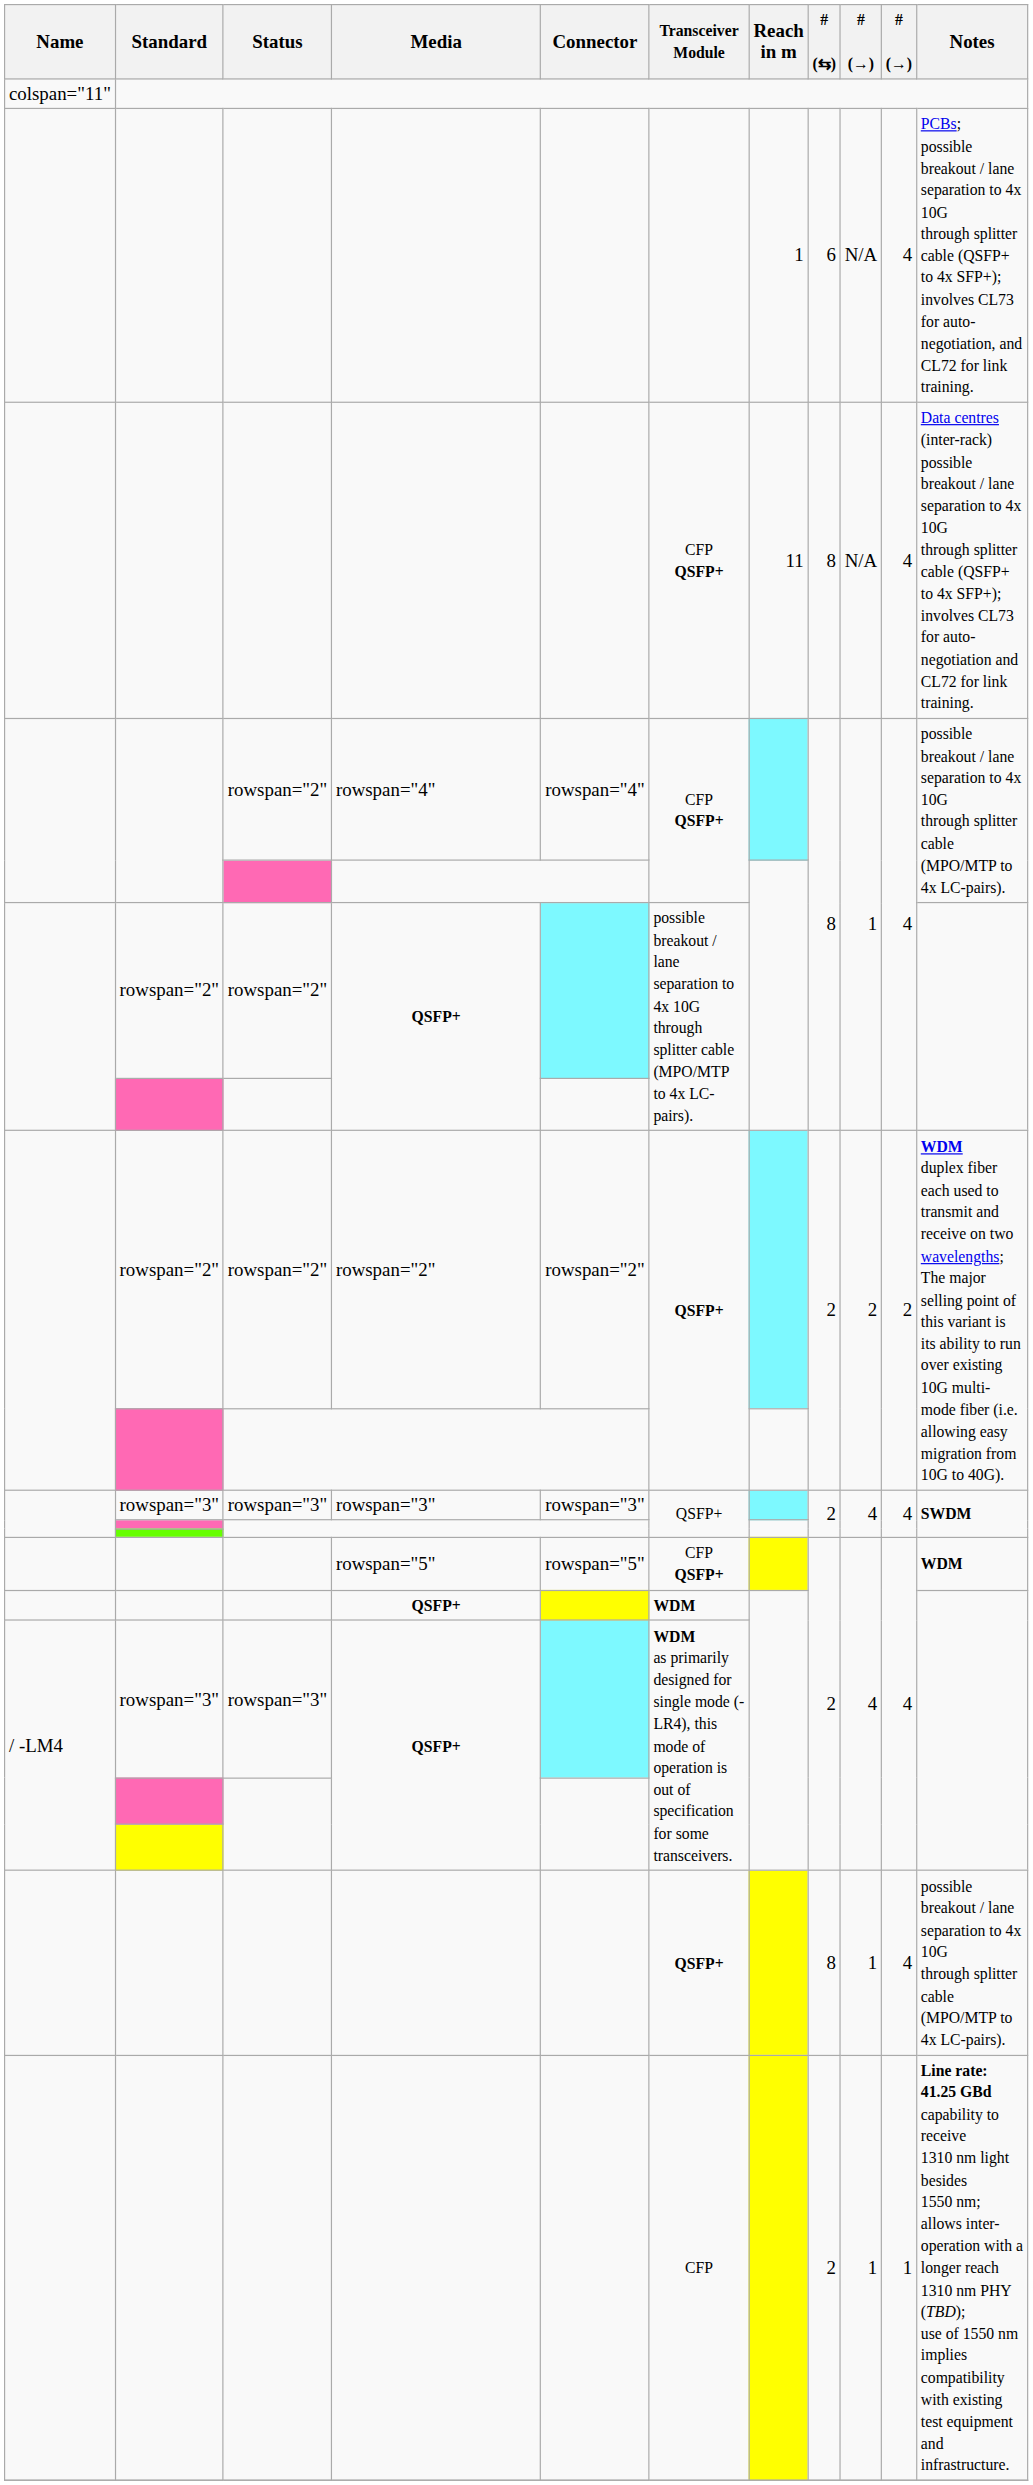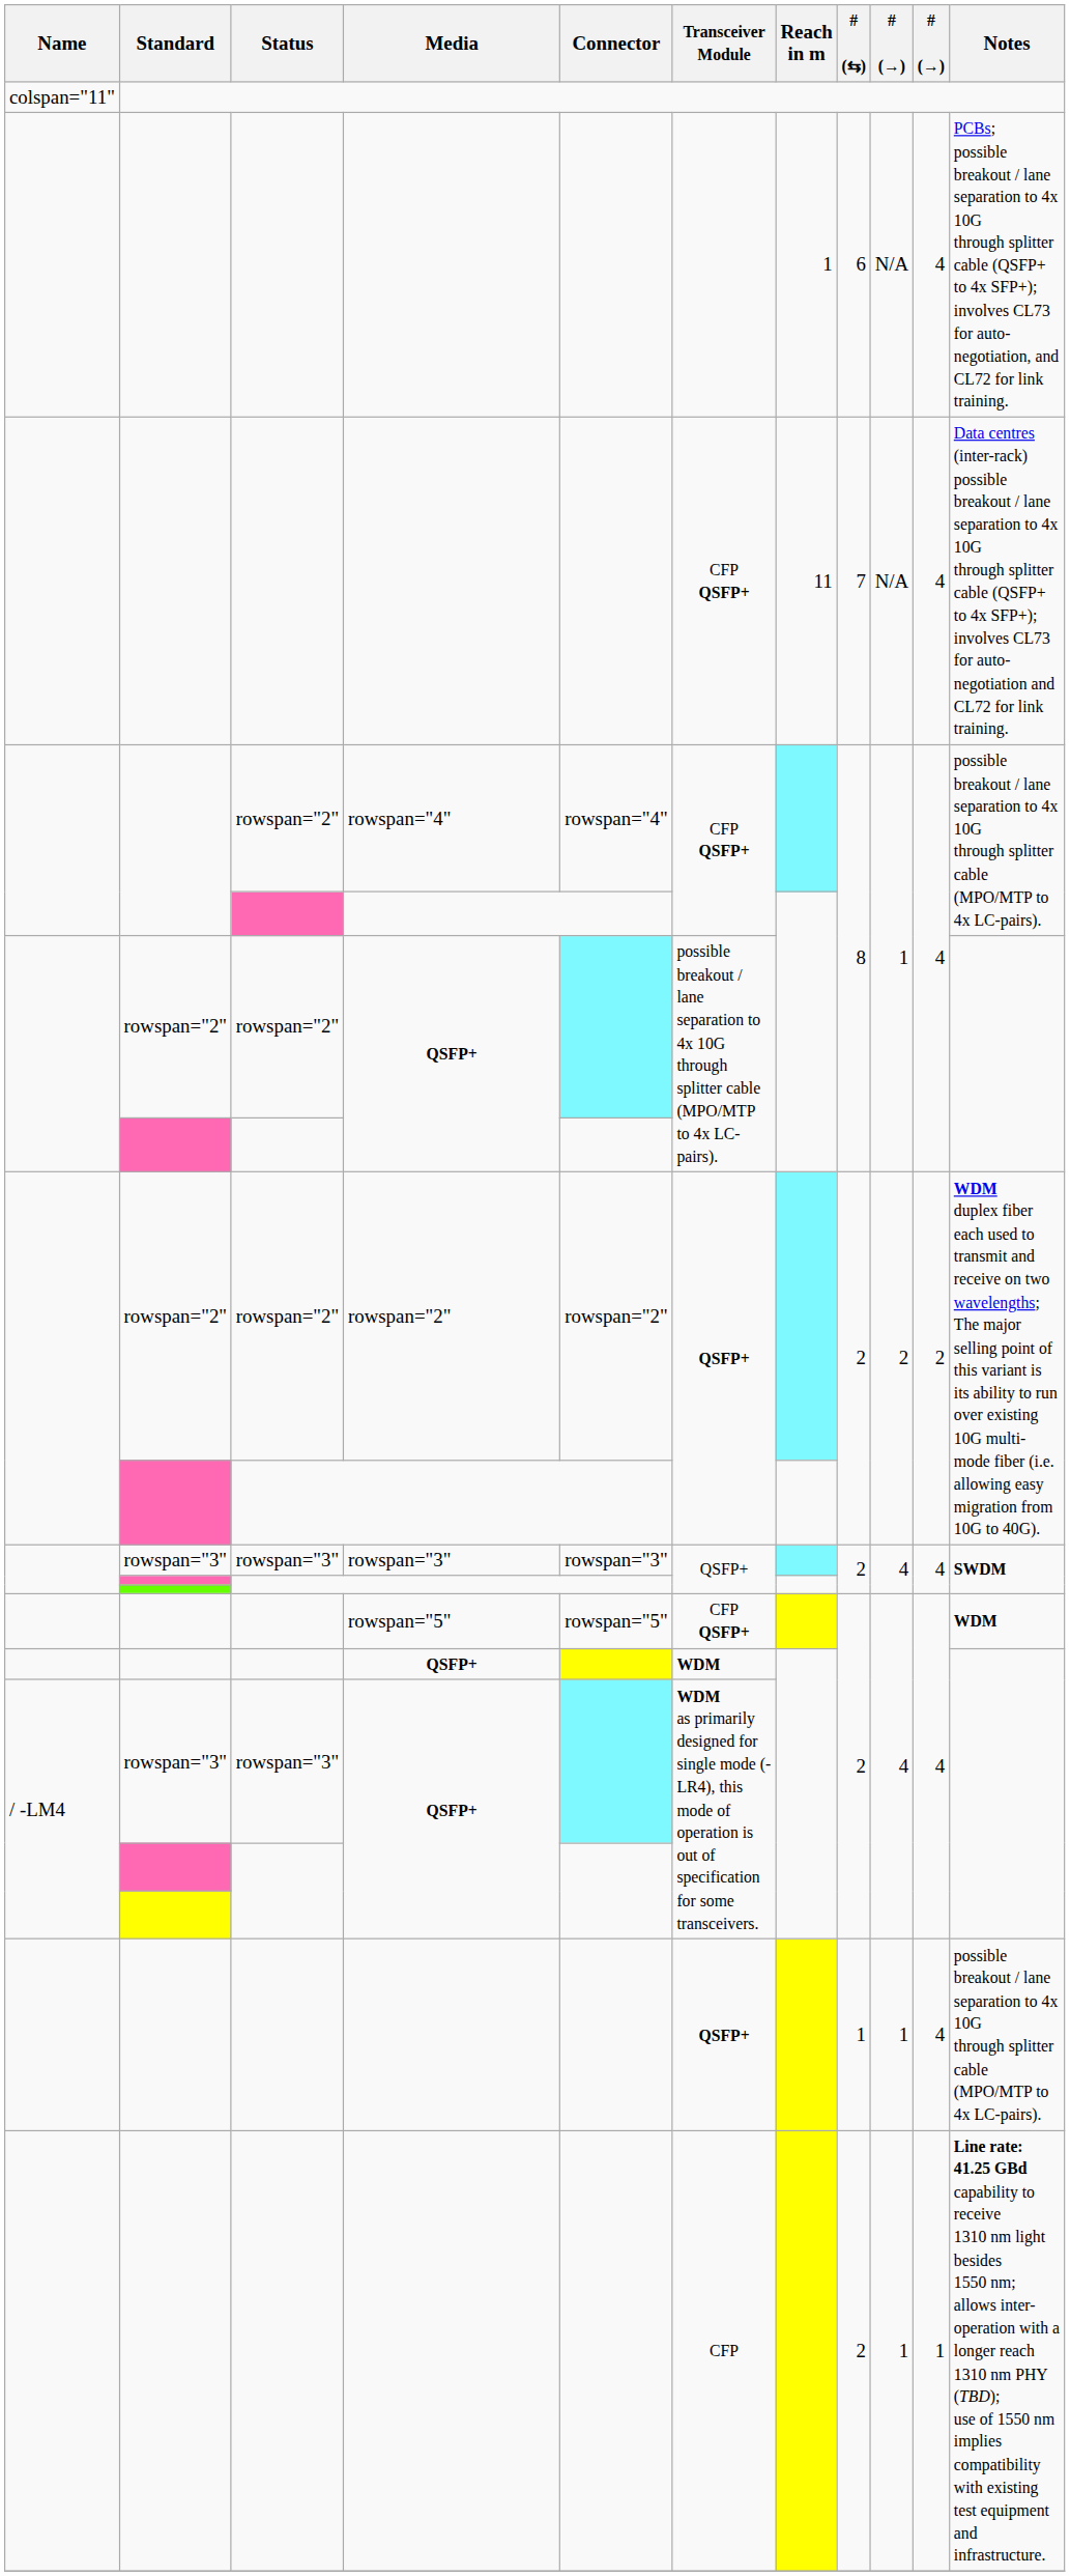 <table class="wikitable" style="line-height:110%;">
 <tr>
 <th>Name</th>
 <th>Standard</th>
 <th>Status</th>
 <th style="width: 170px;">Media</th>
 <th>Connector</th>
 <th><small>Transceiver<br>Module</small></th>
 <th>Reach<br>in m</th>
 <th><small>#<br><br>(⇆)</small></th>
 <th><small>#<br><br>(→)</small></th>
 <th><small>#<br><br>(→)</small></th>
 <th>Notes</th>
 </tr>
 <tr>
 <td>colspan="11"  </td>
 </tr>
 <tr>
 <td></td>
 <td></td>
 <td></td>
 <td></td>
 <td></td>
 <td></td>
 <td style="text-align:right;">1</td>
 <td style="text-align:right;">6</td>
 <td style="text-align:right;">N/A</td>
 <td style="text-align:right;">4</td>
 <td><small><a href='#'>PCBs</a>;<br>possible breakout / lane separation to 4x 10G<br>through splitter cable (QSFP+ to 4x SFP+);<br>involves CL73 for auto-negotiation, and CL72 for link training.</small></td>
 </tr>
 <tr>
 <td><br><small></small></td>
 <td></td>
 <td></td>
 <td></td>
 <td></td>
 <td style="text-align:center;"><small>CFP<br><strong>QSFP+</strong></small></td>
 <td style="text-align:right;">11</td>
-<td style="text-align:right;">8</td>
+<td style="text-align:right;">7</td>
 <td style="text-align:right;">N/A</td>
 <td style="text-align:right;">4</td>
 <td><small><a href='#'>Data centres</a> (inter-rack)<br>possible breakout / lane separation to 4x 10G<br>through splitter cable (QSFP+ to 4x SFP+);<br>involves CL73 for auto-negotiation and CL72 for link training.</small></td>
 </tr>
 <tr>
 <td rowspan="2"></td>
 <td rowspan="2"></td>
 <td>rowspan="2" </td>
 <td>rowspan="4" </td>
 <td>rowspan="4" </td>
 <td rowspan="2" style="text-align:center;"><small>CFP<br><strong>QSFP+</strong></small></td>
 <td style="background:#7df9ff;"></td>
 <td rowspan="4" style="text-align:right;">8</td>
 <td rowspan="4" style="text-align:right;">1</td>
 <td rowspan="4" style="text-align:right;">4</td>
 <td rowspan="2"><small>possible breakout / lane separation to 4x 10G<br>through splitter cable (MPO/MTP to 4x LC-pairs).</small></td>
 </tr>
 <tr>
 <td style="background:hotPink;"></td>
 </tr>
 <tr>
 <td rowspan="2"></td>
 <td>rowspan="2" </td>
 <td>rowspan="2" </td>
 <td rowspan="2" style="text-align:center;"><small><strong>QSFP+</strong></small></td>
 <td style="background:#7df9ff;"></td>
 <td rowspan="2"><small>possible breakout / lane separation to 4x 10G<br>through splitter cable (MPO/MTP to 4x LC-pairs).</small></td>
 </tr>
 <tr>
 <td style="background:hotPink;"></td>
 </tr>
 <tr>
 <td rowspan="2"><br><small></small></td>
 <td>rowspan="2" </td>
 <td>rowspan="2" </td>
 <td>rowspan="2" </td>
 <td>rowspan="2" </td>
 <td rowspan="2" style="text-align:center;"><small><strong>QSFP+</strong></small></td>
 <td style="background:#7df9ff;"></td>
 <td rowspan="2" style="text-align:right;">2</td>
 <td rowspan="2" style="text-align:right;">2</td>
 <td rowspan="2" style="text-align:right;">2</td>
 <td rowspan="2"><small><strong><a href='#'>WDM</a></strong><br>duplex fiber each used to transmit and receive on two <a href='#'>wavelengths</a>;<br>The major selling point of this variant is its ability to run over existing 10G multi-mode fiber (i.e. allowing easy migration from 10G to 40G).</small></td>
 </tr>
 <tr>
 <td style="background:hotPink;"></td>
 </tr>
 <tr>
 <td rowspan="3"></td>
 <td>rowspan="3" </td>
 <td>rowspan="3" </td>
 <td>rowspan="3" </td>
 <td>rowspan="3" </td>
 <td rowspan="3" style="text-align:center;"><small>QSFP+</small></td>
 <td style="background:#7df9ff;"></td>
 <td rowspan="3" style="text-align:right;">2</td>
 <td rowspan="3" style="text-align:right;">4</td>
 <td rowspan="3" style="text-align:right;">4</td>
 <td rowspan="3"><small><strong>SWDM</strong></small></td>
 </tr>
 <tr>
 <td style="background:hotPink;"></td>
 </tr>
 <tr>
 <td style="background:#6f0;"></td>
 </tr>
 <tr>
 <td></td>
 <td></td>
 <td></td>
 <td>rowspan="5" </td>
 <td>rowspan="5" </td>
 <td style="text-align:center;"><small>CFP<br><strong>QSFP+</strong></small></td>
 <td style="background:yellow;"></td>
 <td rowspan="5" style="text-align:right;">2</td>
 <td rowspan="5" style="text-align:right;">4</td>
 <td rowspan="5" style="text-align:right;">4</td>
 <td><small><strong>WDM</strong></small></td>
 </tr>
 <tr>
 <td></td>
 <td></td>
 <td></td>
 <td style="text-align:center;"><small><strong>QSFP+</strong></small></td>
 <td style="background:yellow;"></td>
 <td><small><strong>WDM</strong></small></td>
 </tr>
 <tr>
 <td rowspan="3"> / -LM4</td>
 <td>rowspan="3" </td>
 <td>rowspan="3" </td>
 <td rowspan="3" style="text-align:center;"><small><strong>QSFP+</strong></small></td>
 <td style="background:#7df9ff;"></td>
 <td rowspan="3"><small><strong>WDM</strong><br>as primarily designed for single mode (-LR4), this mode of operation is out of specification for some transceivers.</small></td>
 </tr>
 <tr>
 <td style="background:hotPink;"></td>
 </tr>
 <tr>
 <td style="background:yellow;"></td>
 </tr>
 <tr>
 <td><br><small></small></td>
 <td></td>
 <td></td>
 <td></td>
 <td></td>
 <td style="text-align:center;"><small><strong>QSFP+</strong></small></td>
 <td style="background:yellow;"></td>
-<td style="text-align:right;">8</td>
+<td style="text-align:right;">1</td>
 <td style="text-align:right;">1</td>
 <td style="text-align:right;">4</td>
 <td><small>possible breakout / lane separation to 4x 10G<br>through splitter cable (MPO/MTP to 4x LC-pairs).</small></td>
 </tr>
 <tr>
 <td></td>
 <td></td>
 <td></td>
 <td></td>
 <td></td>
 <td style="text-align:center;"><small>CFP</small></td>
 <td style="background:yellow;"></td>
 <td style="text-align:right;">2</td>
 <td style="text-align:right;">1</td>
 <td style="text-align:right;">1</td>
 <td><small><strong>Line rate: 41.25 GBd</strong><br>capability to receive 1310 nm light besides 1550 nm;<br>allows inter-operation with a longer reach 1310 nm PHY (<em>TBD</em>);<br>use of 1550 nm implies compatibility with existing test equipment and infrastructure.</small></td>
 </tr>
 <tr>
 </tr>
 </table>
